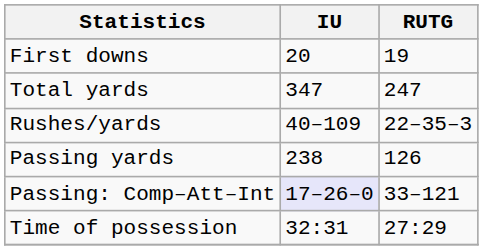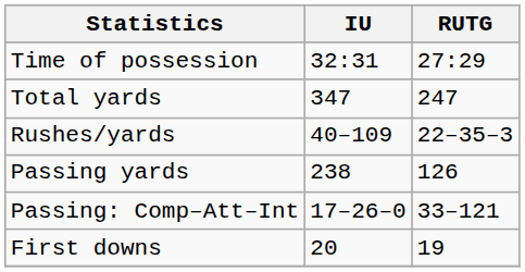 <table class="wikitable" style="float: left;">
 <tr>
 <th>Statistics</th>
 <th>IU</th>
 <th>RUTG</th>
 </tr>
 <tr>
-<td>First downs</td>
-<td>20</td>
-<td>19</td>
+<td>Time of possession</td>
+<td>32:31</td>
+<td>27:29</td>
 </tr>
 <tr>
 <td>Total yards</td>
 <td>347</td>
 <td>247</td>
 </tr>
 <tr>
 <td>Rushes/yards</td>
 <td>40–109</td>
 <td>22–35–3</td>
 </tr>
 <tr>
 <td>Passing yards</td>
 <td>238</td>
 <td>126</td>
 </tr>
 <tr>
 <td>Passing: Comp–Att–Int</td>
-<td style="background: lavender;">17–26–0</td>
+<td>17–26–0</td>
 <td>33–121</td>
 </tr>
 <tr>
-<td>Time of possession</td>
-<td>32:31</td>
-<td>27:29</td>
+<td>First downs</td>
+<td>20</td>
+<td>19</td>
 </tr>
 <tr>
 </tr>
 </table>
